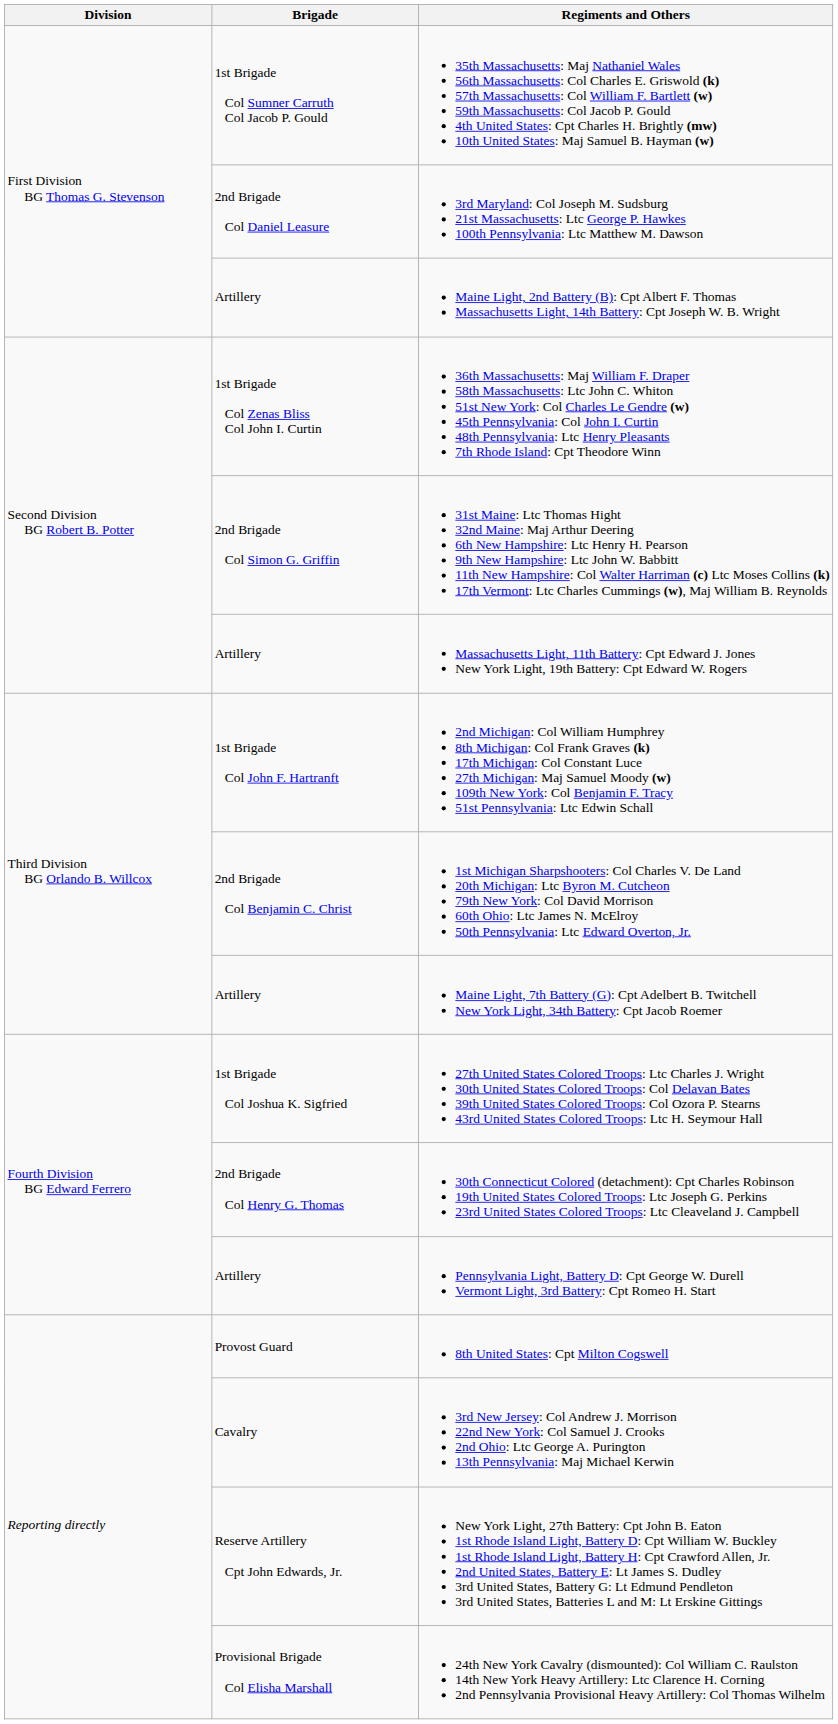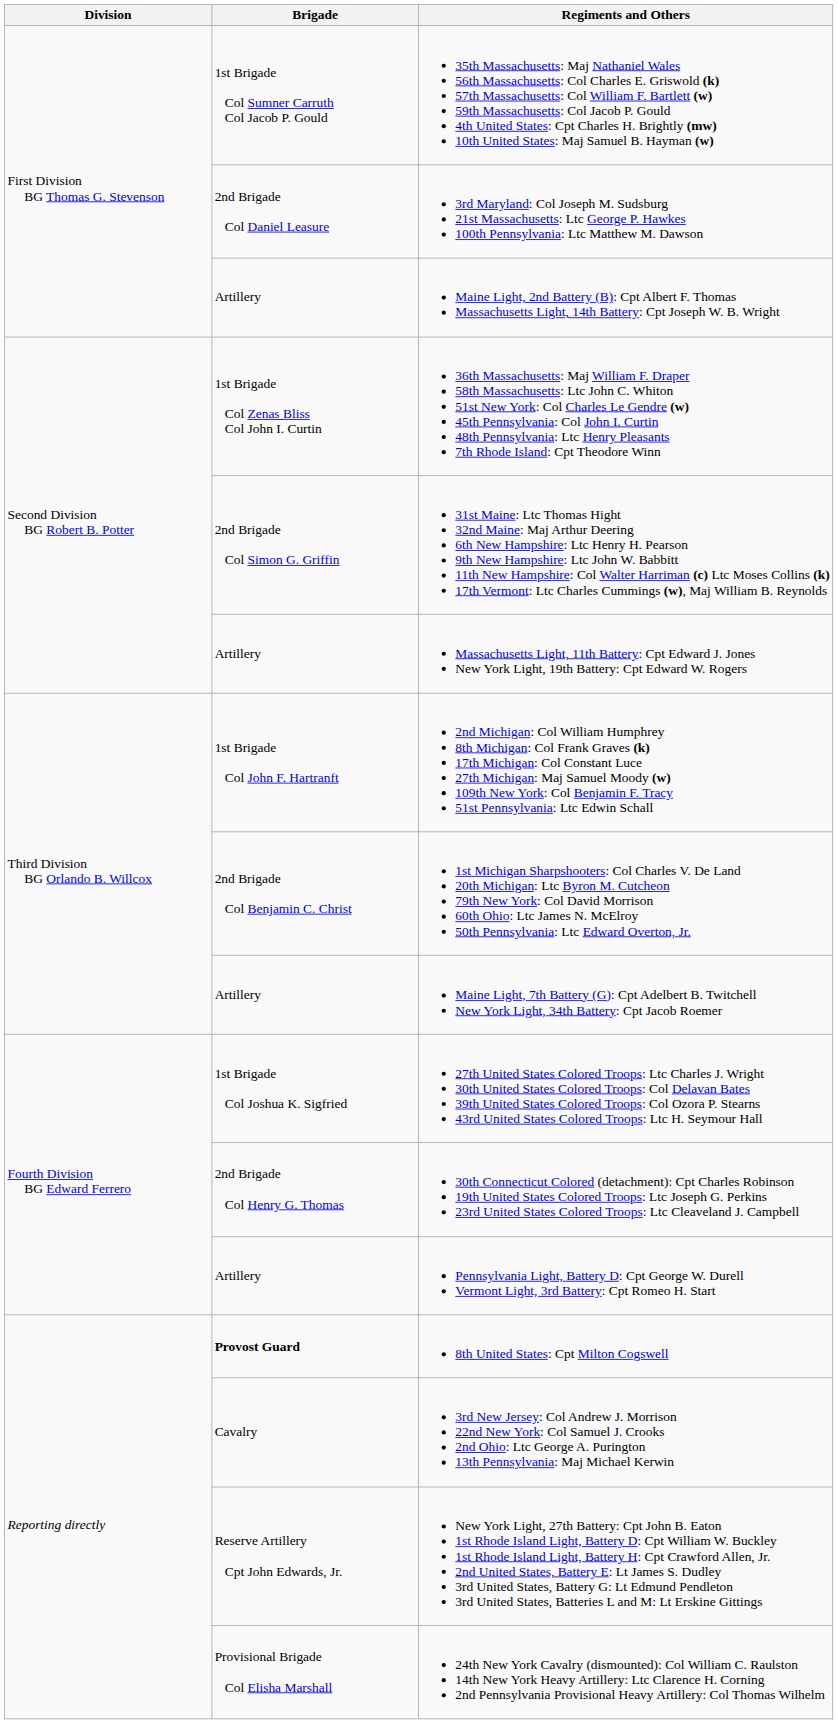 <table class="wikitable">
 <tr>
 <th width=25%>Division</th>
 <th width=25%>Brigade</th>
 <th>Regiments and Others</th>
 </tr>
 <tr>
 <td rowspan=3><br>First Division <br>     BG <a href='#'>Thomas G. Stevenson</a></td>
 <td>1st Brigade<br><br>   Col <a href='#'>Sumner Carruth</a> <br>   Col Jacob P. Gould</td>
 <td><br><ul><li><a href='#'>35th Massachusetts</a>: Maj <a href='#'>Nathaniel Wales</a></li><li><a href='#'>56th Massachusetts</a>: Col Charles E. Griswold <strong>(k)</strong></li><li><a href='#'>57th Massachusetts</a>: Col <a href='#'>William F. Bartlett</a> <strong>(w)</strong></li><li><a href='#'>59th Massachusetts</a>: Col Jacob P. Gould</li><li><a href='#'>4th United States</a>: Cpt Charles H. Brightly <strong>(mw)</strong></li><li><a href='#'>10th United States</a>: Maj Samuel B. Hayman <strong>(w)</strong></li></ul></td>
 </tr>
 <tr>
 <td>2nd Brigade<br><br>   Col <a href='#'>Daniel Leasure</a></td>
 <td><br><ul><li><a href='#'>3rd Maryland</a>: Col Joseph M. Sudsburg</li><li><a href='#'>21st Massachusetts</a>: Ltc <a href='#'>George P. Hawkes</a></li><li><a href='#'>100th Pennsylvania</a>: Ltc Matthew M. Dawson</li></ul></td>
 </tr>
 <tr>
 <td>Artillery</td>
 <td><br><ul><li><a href='#'>Maine Light, 2nd Battery (B)</a>: Cpt Albert F. Thomas</li><li><a href='#'>Massachusetts Light, 14th Battery</a>: Cpt Joseph W. B. Wright</li></ul></td>
 </tr>
 <tr>
 <td rowspan=3><br>Second Division <br>     BG <a href='#'>Robert B. Potter</a></td>
 <td>1st Brigade<br><br>   Col <a href='#'>Zenas Bliss</a> <br>   Col John I. Curtin</td>
 <td><br><ul><li><a href='#'>36th Massachusetts</a>: Maj <a href='#'>William F. Draper</a></li><li><a href='#'>58th Massachusetts</a>: Ltc John C. Whiton</li><li><a href='#'>51st New York</a>: Col <a href='#'>Charles Le Gendre</a> <strong>(w)</strong></li><li><a href='#'>45th Pennsylvania</a>: Col <a href='#'>John I. Curtin</a></li><li><a href='#'>48th Pennsylvania</a>: Ltc <a href='#'>Henry Pleasants</a></li><li><a href='#'>7th Rhode Island</a>: Cpt Theodore Winn</li></ul></td>
 </tr>
 <tr>
 <td>2nd Brigade<br><br>   Col <a href='#'>Simon G. Griffin</a></td>
 <td><br><ul><li><a href='#'>31st Maine</a>: Ltc Thomas Hight</li><li><a href='#'>32nd Maine</a>: Maj Arthur Deering</li><li><a href='#'>6th New Hampshire</a>: Ltc Henry H. Pearson</li><li><a href='#'>9th New Hampshire</a>: Ltc John W. Babbitt</li><li><a href='#'>11th New Hampshire</a>: Col <a href='#'>Walter Harriman</a> <strong>(c)</strong> Ltc Moses Collins <strong>(k)</strong></li><li><a href='#'>17th Vermont</a>: Ltc Charles Cummings <strong>(w)</strong>, Maj William B. Reynolds</li></ul></td>
 </tr>
 <tr>
 <td>Artillery</td>
 <td><br><ul><li><a href='#'>Massachusetts Light, 11th Battery</a>: Cpt Edward J. Jones</li><li>New York Light, 19th Battery: Cpt Edward W. Rogers</li></ul></td>
 </tr>
 <tr>
 <td rowspan=3><br>Third Division <br>     BG <a href='#'>Orlando B. Willcox</a></td>
 <td>1st Brigade<br><br>   Col <a href='#'>John F. Hartranft</a></td>
 <td><br><ul><li><a href='#'>2nd Michigan</a>: Col William Humphrey</li><li><a href='#'>8th Michigan</a>: Col Frank Graves <strong>(k)</strong></li><li><a href='#'>17th Michigan</a>: Col Constant Luce</li><li><a href='#'>27th Michigan</a>: Maj Samuel Moody <strong>(w)</strong></li><li><a href='#'>109th New York</a>: Col <a href='#'>Benjamin F. Tracy</a></li><li><a href='#'>51st Pennsylvania</a>: Ltc Edwin Schall</li></ul></td>
 </tr>
 <tr>
 <td>2nd Brigade<br><br>   Col <a href='#'>Benjamin C. Christ</a></td>
 <td><br><ul><li><a href='#'>1st Michigan Sharpshooters</a>: Col Charles V. De Land</li><li><a href='#'>20th Michigan</a>: Ltc <a href='#'>Byron M. Cutcheon</a></li><li><a href='#'>79th New York</a>: Col David Morrison</li><li><a href='#'>60th Ohio</a>: Ltc James N. McElroy</li><li><a href='#'>50th Pennsylvania</a>: Ltc <a href='#'>Edward Overton, Jr.</a></li></ul></td>
 </tr>
 <tr>
 <td>Artillery</td>
 <td><br><ul><li><a href='#'>Maine Light, 7th Battery (G)</a>: Cpt Adelbert B. Twitchell</li><li><a href='#'>New York Light, 34th Battery</a>: Cpt Jacob Roemer</li></ul></td>
 </tr>
 <tr>
 <td rowspan=3><br><a href='#'>Fourth Division</a> <br>     BG <a href='#'>Edward Ferrero</a></td>
 <td>1st Brigade<br><br>   Col Joshua K. Sigfried</td>
 <td><br><ul><li><a href='#'>27th United States Colored Troops</a>: Ltc Charles J. Wright</li><li><a href='#'>30th United States Colored Troops</a>: Col <a href='#'>Delavan Bates</a></li><li><a href='#'>39th United States Colored Troops</a>: Col Ozora P. Stearns</li><li><a href='#'>43rd United States Colored Troops</a>: Ltc H. Seymour Hall</li></ul></td>
 </tr>
 <tr>
 <td>2nd Brigade<br><br>   Col <a href='#'>Henry G. Thomas</a></td>
 <td><br><ul><li><a href='#'>30th Connecticut Colored</a> (detachment): Cpt Charles Robinson</li><li><a href='#'>19th United States Colored Troops</a>: Ltc Joseph G. Perkins</li><li><a href='#'>23rd United States Colored Troops</a>: Ltc Cleaveland J. Campbell</li></ul></td>
 </tr>
 <tr>
 <td>Artillery</td>
 <td><br><ul><li><a href='#'>Pennsylvania Light, Battery D</a>: Cpt George W. Durell</li><li><a href='#'>Vermont Light, 3rd Battery</a>: Cpt Romeo H. Start</li></ul></td>
 </tr>
 <tr>
 <td rowspan=4><br><em>Reporting directly</em></td>
-<td>Provost Guard</td>
+<td><strong>Provost Guard</strong></td>
 <td><br><ul><li><a href='#'>8th United States</a>: Cpt <a href='#'>Milton Cogswell</a></li></ul></td>
 </tr>
 <tr>
 <td>Cavalry</td>
 <td><br><ul><li><a href='#'>3rd New Jersey</a>: Col Andrew J. Morrison</li><li><a href='#'>22nd New York</a>: Col Samuel J. Crooks</li><li><a href='#'>2nd Ohio</a>: Ltc George A. Purington</li><li><a href='#'>13th Pennsylvania</a>: Maj Michael Kerwin</li></ul></td>
 </tr>
 <tr>
 <td>Reserve Artillery<br><br>   Cpt John Edwards, Jr.</td>
 <td><br><ul><li>New York Light, 27th Battery: Cpt John B. Eaton</li><li><a href='#'>1st Rhode Island Light, Battery D</a>: Cpt William W. Buckley</li><li><a href='#'>1st Rhode Island Light, Battery H</a>: Cpt Crawford Allen, Jr.</li><li><a href='#'>2nd United States, Battery E</a>: Lt James S. Dudley</li><li>3rd United States, Battery G: Lt Edmund Pendleton</li><li>3rd United States, Batteries L and M: Lt Erskine Gittings</li></ul></td>
 </tr>
 <tr>
 <td>Provisional Brigade<br><br>   Col <a href='#'>Elisha Marshall</a></td>
 <td><br><ul><li>24th New York Cavalry (dismounted): Col William C. Raulston</li><li>14th New York Heavy Artillery: Ltc Clarence H. Corning</li><li>2nd Pennsylvania Provisional Heavy Artillery: Col Thomas Wilhelm</li></ul></td>
 </tr>
 </table>
